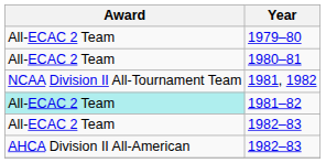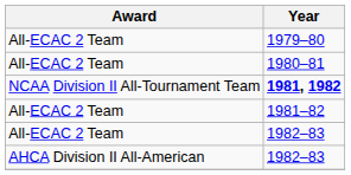 <table class="wikitable">
 <tr>
 <th>Award</th>
 <th>Year</th>
 </tr>
 <tr>
 <td>All-<a href='#'>ECAC 2</a> Team</td>
 <td><a href='#'>1979–80</a></td>
 </tr>
 <tr>
 <td>All-<a href='#'>ECAC 2</a> Team</td>
 <td><a href='#'>1980–81</a></td>
 </tr>
 <tr>
 <td><a href='#'>NCAA</a> <a href='#'>Division II</a> All-Tournament Team</td>
-<td><a href='#'>1981</a>, <a href='#'>1982</a></td>
+<td><strong><a href='#'>1981</a>, <a href='#'>1982</a></strong></td>
 </tr>
 <tr>
-<td style="background: paleturquoise;">All-<a href='#'>ECAC 2</a> Team</td>
+<td>All-<a href='#'>ECAC 2</a> Team</td>
 <td><a href='#'>1981–82</a></td>
 </tr>
 <tr>
 <td>All-<a href='#'>ECAC 2</a> Team</td>
 <td><a href='#'>1982–83</a></td>
 </tr>
 <tr>
 <td><a href='#'>AHCA</a> Division II All-American</td>
 <td><a href='#'>1982–83</a></td>
 </tr>
 <tr>
 </tr>
 </table>
